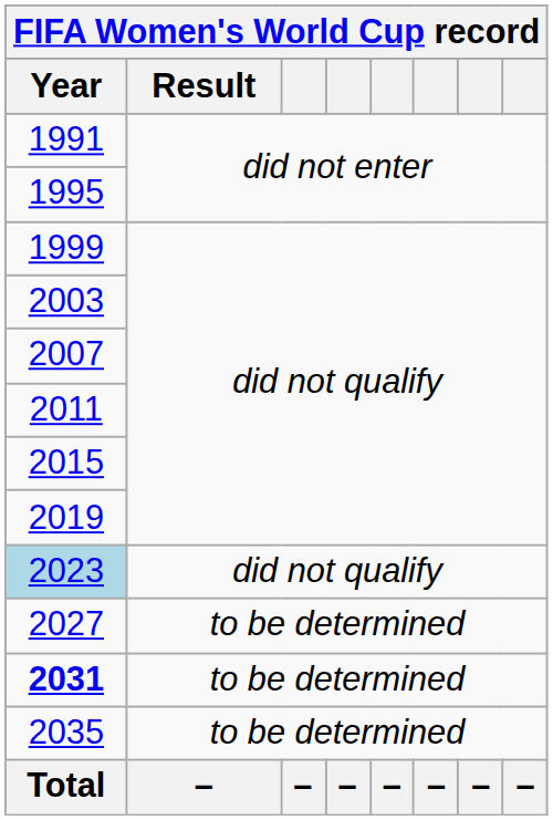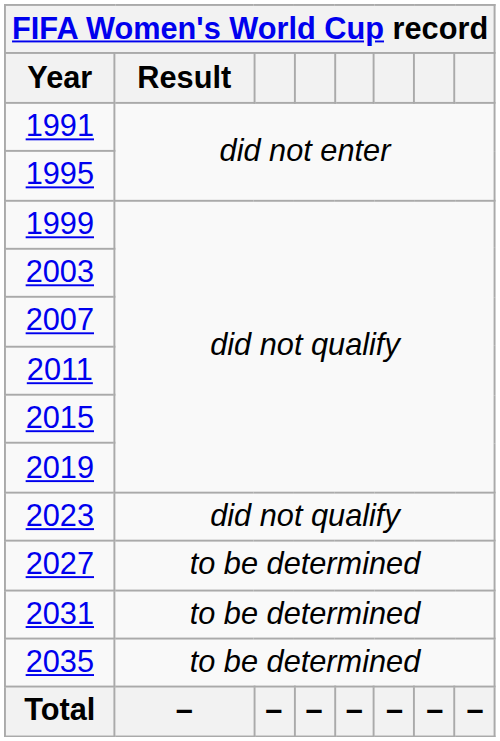 <table class="wikitable" style="text-align: center;">
 <tr>
 <th colspan=9><a href='#'>FIFA Women's World Cup</a> record</th>
 </tr>
 <tr>
 <th>Year</th>
 <th>Result</th>
 <th></th>
 <th></th>
 <th></th>
 <th></th>
 <th></th>
 <th></th>
 </tr>
 <tr>
 <td> <a href='#'>1991</a></td>
 <td colspan=7 rowspan=2><em>did not enter</em></td>
 </tr>
 <tr>
 <td> <a href='#'>1995</a></td>
 </tr>
 <tr>
 <td> <a href='#'>1999</a></td>
 <td colspan=7 rowspan=6><em>did not qualify</em></td>
 </tr>
 <tr>
 <td> <a href='#'>2003</a></td>
 </tr>
 <tr>
 <td> <a href='#'>2007</a></td>
 </tr>
 <tr>
 <td> <a href='#'>2011</a></td>
 </tr>
 <tr>
 <td> <a href='#'>2015</a></td>
 </tr>
 <tr>
 <td> <a href='#'>2019</a></td>
 </tr>
 <tr>
-<td style="background: lightblue;"> <a href='#'>2023</a></td>
+<td> <a href='#'>2023</a></td>
 <td colspan=7><em>did not qualify</em></td>
 </tr>
 <tr>
 <td> <a href='#'>2027</a></td>
 <td colspan=7><em>to be determined</em></td>
 </tr>
 <tr>
-<td><strong> <a href='#'>2031</a></strong></td>
+<td> <a href='#'>2031</a></td>
 <td colspan=7><em>to be determined</em></td>
 </tr>
 <tr>
 <td> <a href='#'>2035</a></td>
 <td colspan=7><em>to be determined</em></td>
 </tr>
 <tr>
 <th>Total</th>
 <th>–</th>
 <th>–</th>
 <th>–</th>
 <th>–</th>
 <th>–</th>
 <th>–</th>
 <th>–</th>
 </tr>
 </table>
